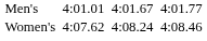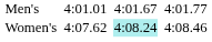 <table>
 <tr>
 <td>Men's<br></td>
 <td></td>
 <td>4:01.01</td>
 <td></td>
 <td>4:01.67</td>
 <td></td>
 <td>4:01.77</td>
 </tr>
 <tr>
 <td>Women's<br></td>
 <td></td>
 <td>4:07.62</td>
 <td></td>
-<td>4:08.24</td>
+<td style="background: paleturquoise;">4:08.24</td>
 <td></td>
 <td>4:08.46</td>
 </tr>
 </table>
